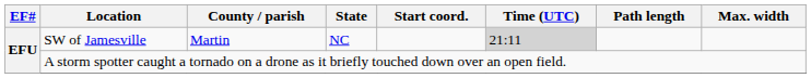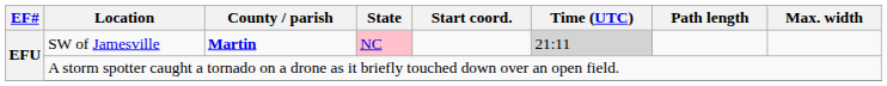 <table class="wikitable sortable" style="width:100%;">
 <tr>
 <th scope="col" width="2%" align="center"><a href='#'>EF#</a></th>
 <th scope="col" align="center" class="unsortable">Location</th>
 <th scope="col" align="center" class="unsortable">County / parish</th>
 <th scope="col" align="center">State</th>
 <th scope="col" align="center">Start coord.</th>
 <th scope="col" align="center">Time (<a href='#'>UTC</a>)</th>
 <th scope="col" align="center">Path length</th>
 <th scope="col" align="center">Max. width</th>
 </tr>
 <tr>
 <th scope="row" rowspan="2" style="background-color:#">EFU</th>
 <td>SW of <a href='#'>Jamesville</a></td>
-<td><a href='#'>Martin</a></td>
-<td><a href='#'>NC</a></td>
+<td><strong><a href='#'>Martin</a></strong></td>
+<td style="background: pink;"><a href='#'>NC</a></td>
 <td></td>
 <td style="background: lightgrey;">21:11</td>
 <td></td>
 <td></td>
 </tr>
 <tr class="expand-child">
 <td colspan="8" style=" border-bottom: 1px solid black;">A storm spotter caught a tornado on a drone as it briefly touched down over an open field.</td>
 </tr>
 <tr>
 </tr>
 </table>
